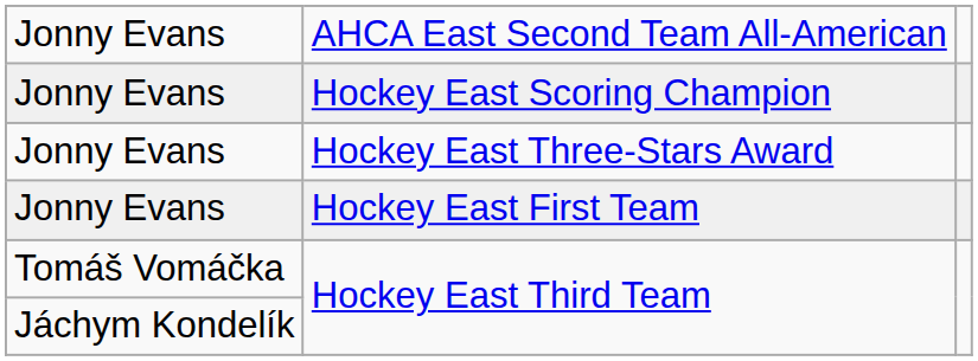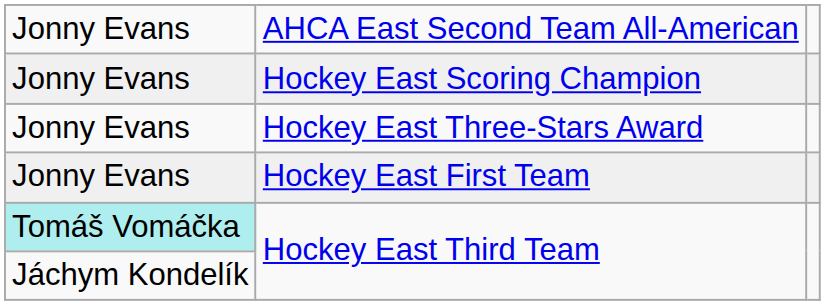 <table class="wikitable">
 <tr>
 <td>Jonny Evans</td>
 <td><a href='#'>AHCA East Second Team All-American</a></td>
 <td></td>
 </tr>
 <tr bgcolor=f0f0f0>
 <td>Jonny Evans</td>
 <td><a href='#'>Hockey East Scoring Champion</a></td>
 <td></td>
 </tr>
 <tr>
 <td>Jonny Evans</td>
 <td><a href='#'>Hockey East Three-Stars Award</a></td>
 <td></td>
 </tr>
 <tr bgcolor=f0f0f0>
 <td>Jonny Evans</td>
 <td><a href='#'>Hockey East First Team</a></td>
 <td></td>
 </tr>
 <tr>
-<td>Tomáš Vomáčka</td>
+<td style="background: paleturquoise;">Tomáš Vomáčka</td>
 <td rowspan=2><a href='#'>Hockey East Third Team</a></td>
 <td rowspan=2></td>
 </tr>
 <tr>
 <td>Jáchym Kondelík</td>
 </tr>
 </table>
